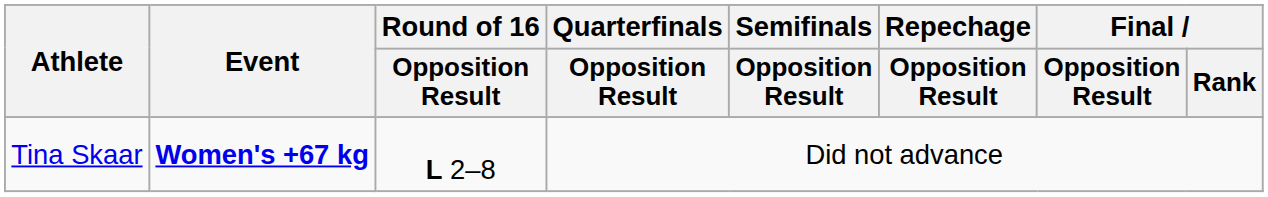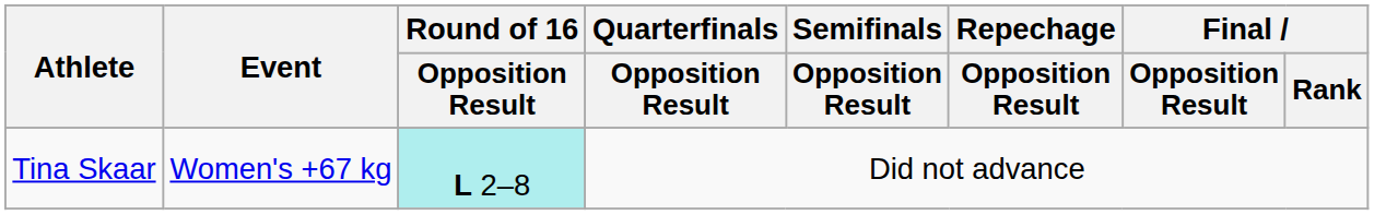 <table class="wikitable" style="font-size:90%;">
 <tr>
 <th rowspan=2>Athlete</th>
 <th rowspan=2>Event</th>
 <th>Round of 16</th>
 <th>Quarterfinals</th>
 <th>Semifinals</th>
 <th>Repechage</th>
 <th colspan=2>Final / </th>
 </tr>
 <tr style="font-size:95%">
 <th>Opposition<br>Result</th>
 <th>Opposition<br>Result</th>
 <th>Opposition<br>Result</th>
 <th>Opposition<br>Result</th>
 <th>Opposition<br>Result</th>
 <th>Rank</th>
 </tr>
 <tr align=center>
 <td align=left><a href='#'>Tina Skaar</a></td>
-<td align=left><strong><a href='#'>Women's +67 kg</a></strong></td>
-<td><br><strong>L</strong> 2–8</td>
+<td align=left><a href='#'>Women's +67 kg</a></td>
+<td style="background: paleturquoise;"><br><strong>L</strong> 2–8</td>
 <td colspan=5>Did not advance</td>
 </tr>
 </table>
